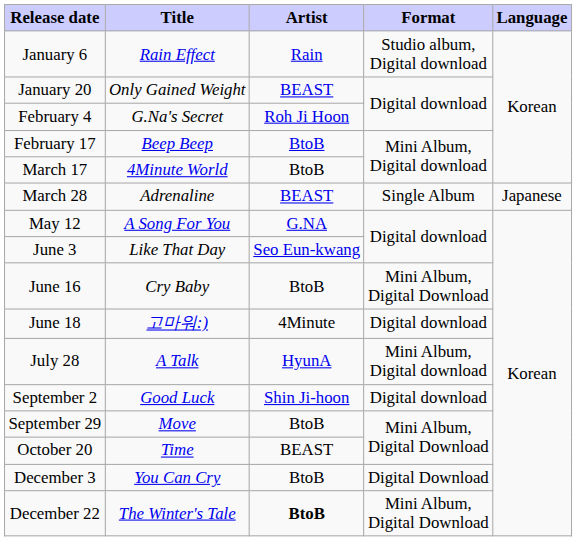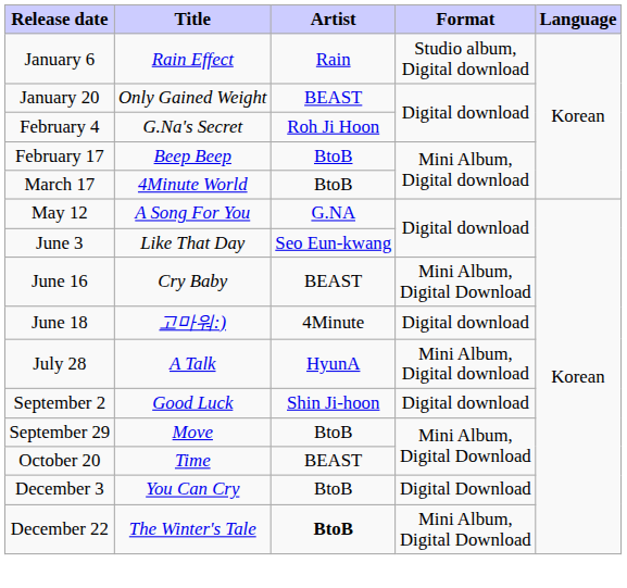 <table class="wikitable sortable" style="text-align:center">
 <tr>
 <th style="background:#CCF;">Release date</th>
 <th style="background:#CCF;">Title</th>
 <th style="background:#CCF;">Artist</th>
 <th style="background:#CCF;">Format</th>
 <th style="background:#CCF;">Language</th>
 </tr>
 <tr>
 <td>January 6</td>
 <td><em><a href='#'>Rain Effect</a></em></td>
 <td><a href='#'>Rain</a></td>
 <td>Studio album,<br>Digital download</td>
 <td rowspan="5">Korean</td>
 </tr>
 <tr>
 <td>January 20</td>
 <td><em>Only Gained Weight</em></td>
 <td><a href='#'>BEAST</a></td>
 <td rowspan="2">Digital download</td>
 </tr>
 <tr>
 <td>February 4</td>
 <td><em>G.Na's Secret</em></td>
 <td><a href='#'>Roh Ji Hoon</a></td>
 </tr>
 <tr>
 <td>February 17</td>
 <td><em><a href='#'>Beep Beep</a></em></td>
 <td><a href='#'>BtoB</a></td>
 <td rowspan="2">Mini Album,<br>Digital download</td>
 </tr>
 <tr>
 <td>March 17</td>
 <td><em><a href='#'>4Minute World</a></em></td>
 <td>BtoB</td>
 </tr>
 <tr>
-<td>March 28</td>
-<td><em>Adrenaline</em></td>
-<td><a href='#'>BEAST</a></td>
-<td>Single Album</td>
-<td>Japanese</td>
-</tr>
-<tr>
 <td>May 12</td>
 <td><em><a href='#'>A Song For You</a></em></td>
 <td><a href='#'>G.NA</a></td>
 <td rowspan="2">Digital download</td>
 <td rowspan="10">Korean</td>
 </tr>
 <tr>
 <td>June 3</td>
 <td><em>Like That Day</em></td>
 <td><a href='#'>Seo Eun-kwang</a></td>
 </tr>
 <tr>
 <td>June 16</td>
 <td><em>Cry Baby</em></td>
-<td>BtoB</td>
+<td>BEAST</td>
 <td>Mini Album,<br>Digital Download</td>
 </tr>
 <tr>
 <td>June 18</td>
 <td><em><a href='#'>고마워:)</a></em></td>
 <td>4Minute</td>
 <td>Digital download</td>
 </tr>
 <tr>
 <td>July 28</td>
 <td><em><a href='#'>A Talk</a></em></td>
 <td><a href='#'>HyunA</a></td>
 <td>Mini Album,<br>Digital download</td>
 </tr>
 <tr>
 <td>September 2</td>
 <td><em><a href='#'>Good Luck</a></em></td>
 <td><a href='#'>Shin Ji-hoon</a></td>
 <td>Digital download</td>
 </tr>
 <tr>
 <td>September 29</td>
 <td><em><a href='#'>Move</a></em></td>
 <td>BtoB</td>
 <td rowspan="2">Mini Album,<br>Digital Download</td>
 </tr>
 <tr>
 <td>October 20</td>
 <td><em><a href='#'>Time</a></em></td>
 <td>BEAST</td>
 </tr>
 <tr>
 <td>December 3</td>
 <td><em><a href='#'>You Can Cry</a></em></td>
 <td>BtoB</td>
 <td>Digital Download</td>
 </tr>
 <tr>
 <td>December 22</td>
 <td><em><a href='#'>The Winter's Tale</a></em></td>
 <td><strong>BtoB</strong></td>
 <td>Mini Album,<br>Digital Download</td>
 </tr>
 </table>
